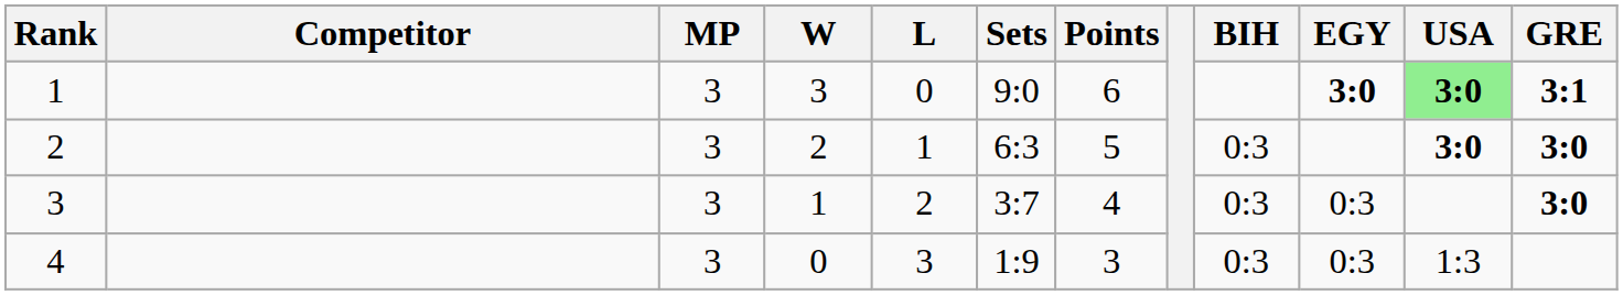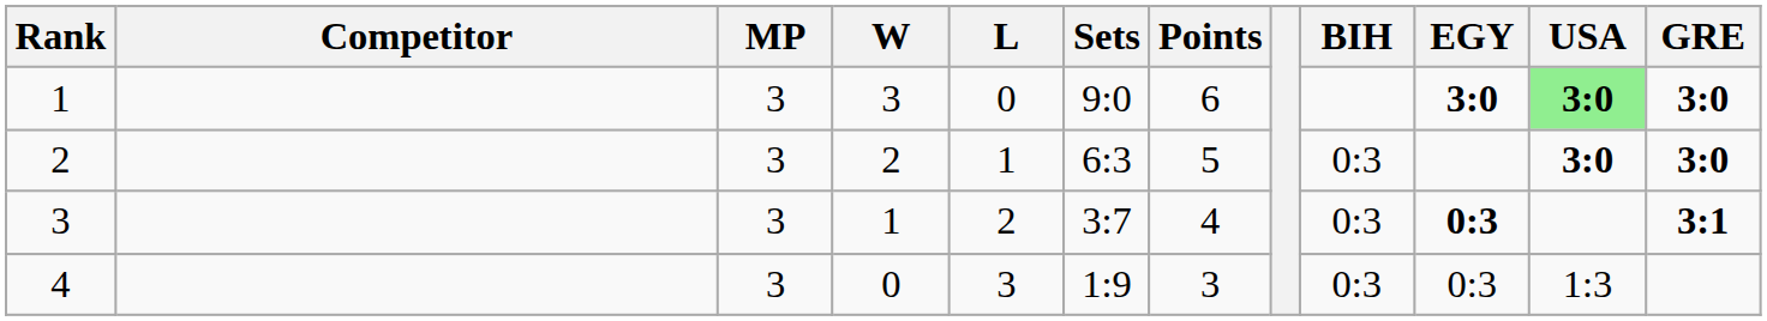 <table class="wikitable" style="text-align:center">
 <tr>
 <th>Rank</th>
 <th style="width:15em">Competitor</th>
 <th style="width:2.5em">MP</th>
 <th style="width:2.5em">W</th>
 <th style="width:2.5em">L</th>
 <th>Sets</th>
 <th style="width:2.5em">Points</th>
 <th rowspan="5"> </th>
 <th style="width:2.5em">BIH</th>
 <th style="width:2.5em">EGY</th>
 <th style="width:2.5em">USA</th>
 <th style="width:2.5em">GRE</th>
 </tr>
 <tr>
 <td>1</td>
 <td style="text-align:left"></td>
 <td>3</td>
 <td>3</td>
 <td>0</td>
 <td>9:0</td>
 <td>6</td>
 <td></td>
 <td><strong>3:0</strong></td>
 <td style="background: lightgreen;"><strong>3:0</strong></td>
-<td><strong>3:1</strong></td>
+<td><strong>3:0</strong></td>
 </tr>
 <tr>
 <td>2</td>
 <td style="text-align:left"></td>
 <td>3</td>
 <td>2</td>
 <td>1</td>
 <td>6:3</td>
 <td>5</td>
 <td>0:3</td>
 <td></td>
 <td><strong>3:0</strong></td>
 <td><strong>3:0</strong></td>
 </tr>
 <tr>
 <td>3</td>
 <td style="text-align:left"></td>
 <td>3</td>
 <td>1</td>
 <td>2</td>
 <td>3:7</td>
 <td>4</td>
 <td>0:3</td>
-<td>0:3</td>
+<td><strong>0:3</strong></td>
 <td></td>
-<td><strong>3:0</strong></td>
+<td><strong>3:1</strong></td>
 </tr>
 <tr>
 <td>4</td>
 <td style="text-align:left"></td>
 <td>3</td>
 <td>0</td>
 <td>3</td>
 <td>1:9</td>
 <td>3</td>
 <td>0:3</td>
 <td>0:3</td>
 <td>1:3</td>
 <td></td>
 </tr>
 </table>
